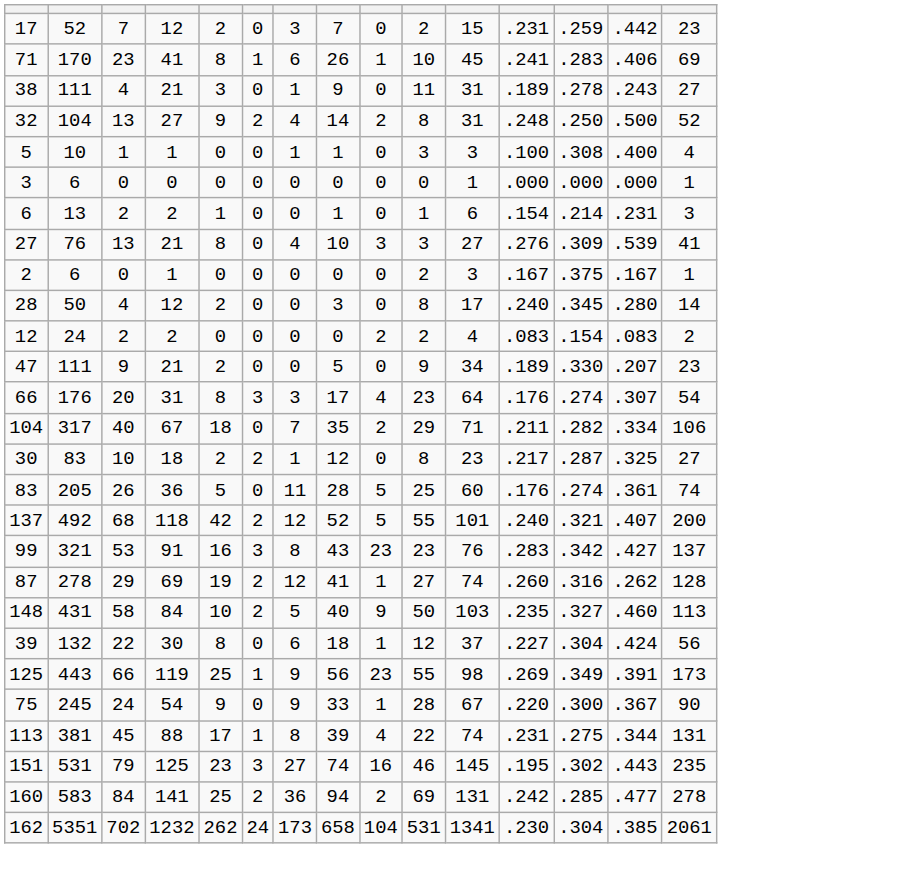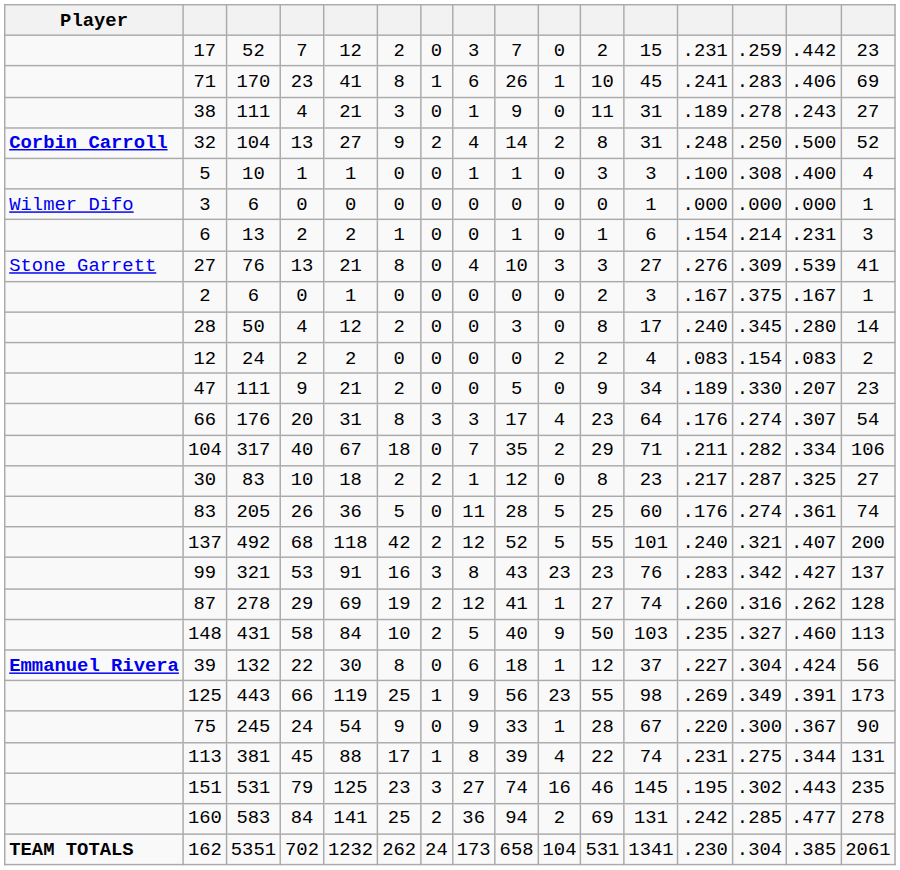 <table class="wikitable sortable" style="text-align:center;">
 <tr>
+<th>Player</th>
 <th></th>
 <th></th>
 <th></th>
 <th></th>
 <th></th>
 <th></th>
 <th></th>
 <th></th>
 <th></th>
 <th></th>
 <th></th>
 <th></th>
 <th></th>
 <th></th>
 <th></th>
 </tr>
 <tr>
+<td align=left></td>
 <td>17</td>
 <td>52</td>
 <td>7</td>
 <td>12</td>
 <td>2</td>
 <td>0</td>
 <td>3</td>
 <td>7</td>
 <td>0</td>
 <td>2</td>
 <td>15</td>
 <td>.231</td>
 <td>.259</td>
 <td>.442</td>
 <td>23</td>
 </tr>
 <tr>
+<td align=left><strong></strong></td>
 <td>71</td>
 <td>170</td>
 <td>23</td>
 <td>41</td>
 <td>8</td>
 <td>1</td>
 <td>6</td>
 <td>26</td>
 <td>1</td>
 <td>10</td>
 <td>45</td>
 <td>.241</td>
 <td>.283</td>
 <td>.406</td>
 <td>69</td>
 </tr>
 <tr>
+<td align=left></td>
 <td>38</td>
 <td>111</td>
 <td>4</td>
 <td>21</td>
 <td>3</td>
 <td>0</td>
 <td>1</td>
 <td>9</td>
 <td>0</td>
 <td>11</td>
 <td>31</td>
 <td>.189</td>
 <td>.278</td>
 <td>.243</td>
 <td>27</td>
 </tr>
 <tr>
+<td align=left><strong><a href='#'>Corbin Carroll</a></strong></td>
 <td>32</td>
 <td>104</td>
 <td>13</td>
 <td>27</td>
 <td>9</td>
 <td>2</td>
 <td>4</td>
 <td>14</td>
 <td>2</td>
 <td>8</td>
 <td>31</td>
 <td>.248</td>
 <td>.250</td>
 <td>.500</td>
 <td>52</td>
 </tr>
 <tr>
+<td align=left></td>
 <td>5</td>
 <td>10</td>
 <td>1</td>
 <td>1</td>
 <td>0</td>
 <td>0</td>
 <td>1</td>
 <td>1</td>
 <td>0</td>
 <td>3</td>
 <td>3</td>
 <td>.100</td>
 <td>.308</td>
 <td>.400</td>
 <td>4</td>
 </tr>
 <tr>
+<td align=left><a href='#'>Wilmer Difo</a></td>
 <td>3</td>
 <td>6</td>
 <td>0</td>
 <td>0</td>
 <td>0</td>
 <td>0</td>
 <td>0</td>
 <td>0</td>
 <td>0</td>
 <td>0</td>
 <td>1</td>
 <td>.000</td>
 <td>.000</td>
 <td>.000</td>
 <td>1</td>
 </tr>
 <tr>
+<td align=left></td>
 <td>6</td>
 <td>13</td>
 <td>2</td>
 <td>2</td>
 <td>1</td>
 <td>0</td>
 <td>0</td>
 <td>1</td>
 <td>0</td>
 <td>1</td>
 <td>6</td>
 <td>.154</td>
 <td>.214</td>
 <td>.231</td>
 <td>3</td>
 </tr>
 <tr>
+<td align=left><a href='#'>Stone Garrett</a></td>
 <td>27</td>
 <td>76</td>
 <td>13</td>
 <td>21</td>
 <td>8</td>
 <td>0</td>
 <td>4</td>
 <td>10</td>
 <td>3</td>
 <td>3</td>
 <td>27</td>
 <td>.276</td>
 <td>.309</td>
 <td>.539</td>
 <td>41</td>
 </tr>
 <tr>
+<td align=left></td>
 <td>2</td>
 <td>6</td>
 <td>0</td>
 <td>1</td>
 <td>0</td>
 <td>0</td>
 <td>0</td>
 <td>0</td>
 <td>0</td>
 <td>2</td>
 <td>3</td>
 <td>.167</td>
 <td>.375</td>
 <td>.167</td>
 <td>1</td>
 </tr>
 <tr>
+<td align=left></td>
 <td>28</td>
 <td>50</td>
 <td>4</td>
 <td>12</td>
 <td>2</td>
 <td>0</td>
 <td>0</td>
 <td>3</td>
 <td>0</td>
 <td>8</td>
 <td>17</td>
 <td>.240</td>
 <td>.345</td>
 <td>.280</td>
 <td>14</td>
 </tr>
 <tr>
+<td align=left></td>
 <td>12</td>
 <td>24</td>
 <td>2</td>
 <td>2</td>
 <td>0</td>
 <td>0</td>
 <td>0</td>
 <td>0</td>
 <td>2</td>
 <td>2</td>
 <td>4</td>
 <td>.083</td>
 <td>.154</td>
 <td>.083</td>
 <td>2</td>
 </tr>
 <tr>
+<td align=left><strong></strong></td>
 <td>47</td>
 <td>111</td>
 <td>9</td>
 <td>21</td>
 <td>2</td>
 <td>0</td>
 <td>0</td>
 <td>5</td>
 <td>0</td>
 <td>9</td>
 <td>34</td>
 <td>.189</td>
 <td>.330</td>
 <td>.207</td>
 <td>23</td>
 </tr>
 <tr>
+<td align=left></td>
 <td>66</td>
 <td>176</td>
 <td>20</td>
 <td>31</td>
 <td>8</td>
 <td>3</td>
 <td>3</td>
 <td>17</td>
 <td>4</td>
 <td>23</td>
 <td>64</td>
 <td>.176</td>
 <td>.274</td>
 <td>.307</td>
 <td>54</td>
 </tr>
 <tr>
+<td align=left><strong></strong></td>
 <td>104</td>
 <td>317</td>
 <td>40</td>
 <td>67</td>
 <td>18</td>
 <td>0</td>
 <td>7</td>
 <td>35</td>
 <td>2</td>
 <td>29</td>
 <td>71</td>
 <td>.211</td>
 <td>.282</td>
 <td>.334</td>
 <td>106</td>
 </tr>
 <tr>
+<td align=left><strong></strong></td>
 <td>30</td>
 <td>83</td>
 <td>10</td>
 <td>18</td>
 <td>2</td>
 <td>2</td>
 <td>1</td>
 <td>12</td>
 <td>0</td>
 <td>8</td>
 <td>23</td>
 <td>.217</td>
 <td>.287</td>
 <td>.325</td>
 <td>27</td>
 </tr>
 <tr>
+<td align=left><strong></strong></td>
 <td>83</td>
 <td>205</td>
 <td>26</td>
 <td>36</td>
 <td>5</td>
 <td>0</td>
 <td>11</td>
 <td>28</td>
 <td>5</td>
 <td>25</td>
 <td>60</td>
 <td>.176</td>
 <td>.274</td>
 <td>.361</td>
 <td>74</td>
 </tr>
 <tr>
+<td align=left><strong></strong></td>
 <td>137</td>
 <td>492</td>
 <td>68</td>
 <td>118</td>
 <td>42</td>
 <td>2</td>
 <td>12</td>
 <td>52</td>
 <td>5</td>
 <td>55</td>
 <td>101</td>
 <td>.240</td>
 <td>.321</td>
 <td>.407</td>
 <td>200</td>
 </tr>
 <tr>
+<td align=left><strong></strong></td>
 <td>99</td>
 <td>321</td>
 <td>53</td>
 <td>91</td>
 <td>16</td>
 <td>3</td>
 <td>8</td>
 <td>43</td>
 <td>23</td>
 <td>23</td>
 <td>76</td>
 <td>.283</td>
 <td>.342</td>
 <td>.427</td>
 <td>137</td>
 </tr>
 <tr>
+<td align=left><strong></strong></td>
 <td>87</td>
 <td>278</td>
 <td>29</td>
 <td>69</td>
 <td>19</td>
 <td>2</td>
 <td>12</td>
 <td>41</td>
 <td>1</td>
 <td>27</td>
 <td>74</td>
 <td>.260</td>
 <td>.316</td>
 <td>.262</td>
 <td>128</td>
 </tr>
 <tr>
+<td align=left><strong></strong></td>
 <td>148</td>
 <td>431</td>
 <td>58</td>
 <td>84</td>
 <td>10</td>
 <td>2</td>
 <td>5</td>
 <td>40</td>
 <td>9</td>
 <td>50</td>
 <td>103</td>
 <td>.235</td>
 <td>.327</td>
 <td>.460</td>
 <td>113</td>
 </tr>
 <tr>
+<td align=left><strong><a href='#'>Emmanuel Rivera</a></strong></td>
 <td>39</td>
 <td>132</td>
 <td>22</td>
 <td>30</td>
 <td>8</td>
 <td>0</td>
 <td>6</td>
 <td>18</td>
 <td>1</td>
 <td>12</td>
 <td>37</td>
 <td>.227</td>
 <td>.304</td>
 <td>.424</td>
 <td>56</td>
 </tr>
 <tr>
+<td align=left><strong></strong></td>
 <td>125</td>
 <td>443</td>
 <td>66</td>
 <td>119</td>
 <td>25</td>
 <td>1</td>
 <td>9</td>
 <td>56</td>
 <td>23</td>
 <td>55</td>
 <td>98</td>
 <td>.269</td>
 <td>.349</td>
 <td>.391</td>
 <td>173</td>
 </tr>
 <tr>
+<td align=left></td>
 <td>75</td>
 <td>245</td>
 <td>24</td>
 <td>54</td>
 <td>9</td>
 <td>0</td>
 <td>9</td>
 <td>33</td>
 <td>1</td>
 <td>28</td>
 <td>67</td>
 <td>.220</td>
 <td>.300</td>
 <td>.367</td>
 <td>90</td>
 </tr>
 <tr>
+<td align=left><strong></strong></td>
 <td>113</td>
 <td>381</td>
 <td>45</td>
 <td>88</td>
 <td>17</td>
 <td>1</td>
 <td>8</td>
 <td>39</td>
 <td>4</td>
 <td>22</td>
 <td>74</td>
 <td>.231</td>
 <td>.275</td>
 <td>.344</td>
 <td>131</td>
 </tr>
 <tr>
+<td align=left><strong></strong></td>
 <td>151</td>
 <td>531</td>
 <td>79</td>
 <td>125</td>
 <td>23</td>
 <td>3</td>
 <td>27</td>
 <td>74</td>
 <td>16</td>
 <td>46</td>
 <td>145</td>
 <td>.195</td>
 <td>.302</td>
 <td>.443</td>
 <td>235</td>
 </tr>
 <tr>
+<td align=left><strong></strong></td>
 <td>160</td>
 <td>583</td>
 <td>84</td>
 <td>141</td>
 <td>25</td>
 <td>2</td>
 <td>36</td>
 <td>94</td>
 <td>2</td>
 <td>69</td>
 <td>131</td>
 <td>.242</td>
 <td>.285</td>
 <td>.477</td>
 <td>278</td>
 </tr>
 <tr class="sortbottom">
+<td align="left"><strong>TEAM TOTALS</strong></td>
 <td>162</td>
 <td>5351</td>
 <td>702</td>
 <td>1232</td>
 <td>262</td>
 <td>24</td>
 <td>173</td>
 <td>658</td>
 <td>104</td>
 <td>531</td>
 <td>1341</td>
 <td>.230</td>
 <td>.304</td>
 <td>.385</td>
 <td>2061</td>
 </tr>
 </table>
